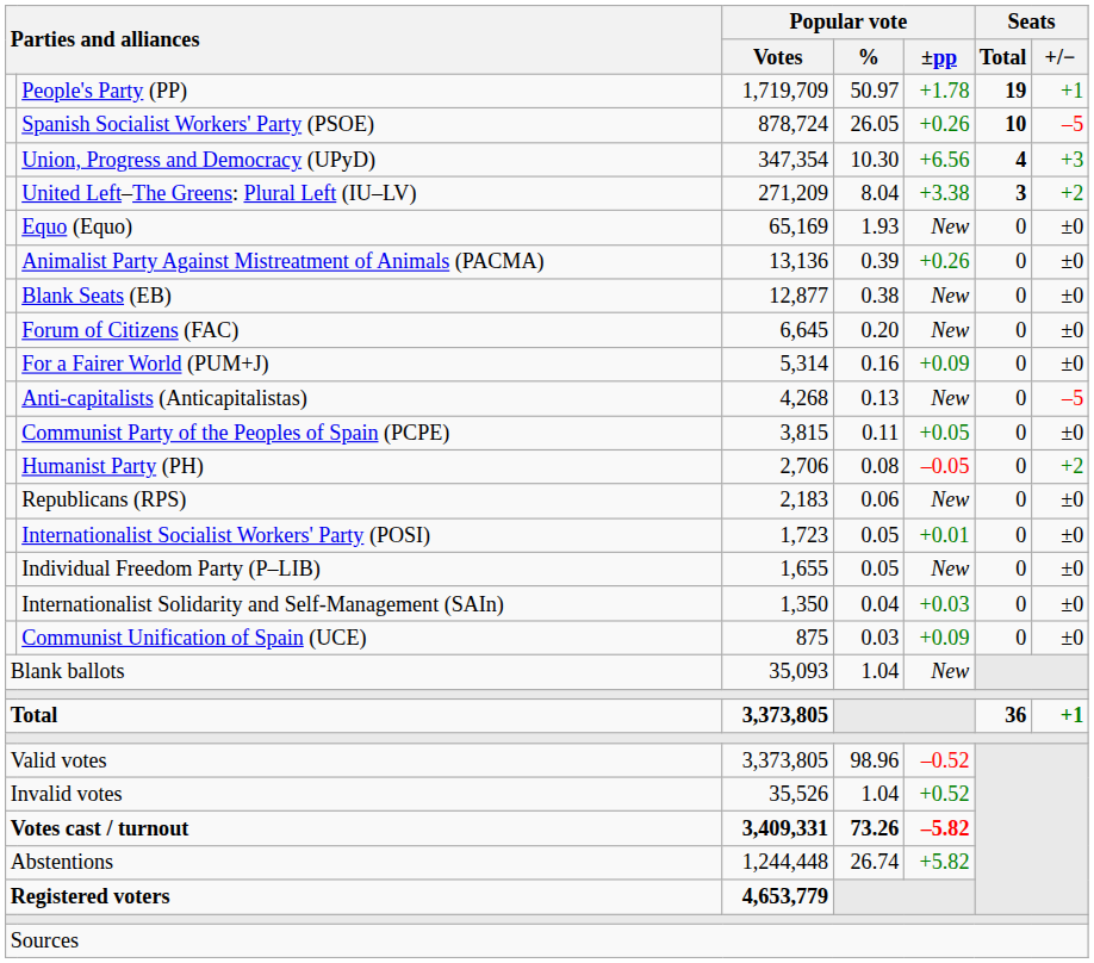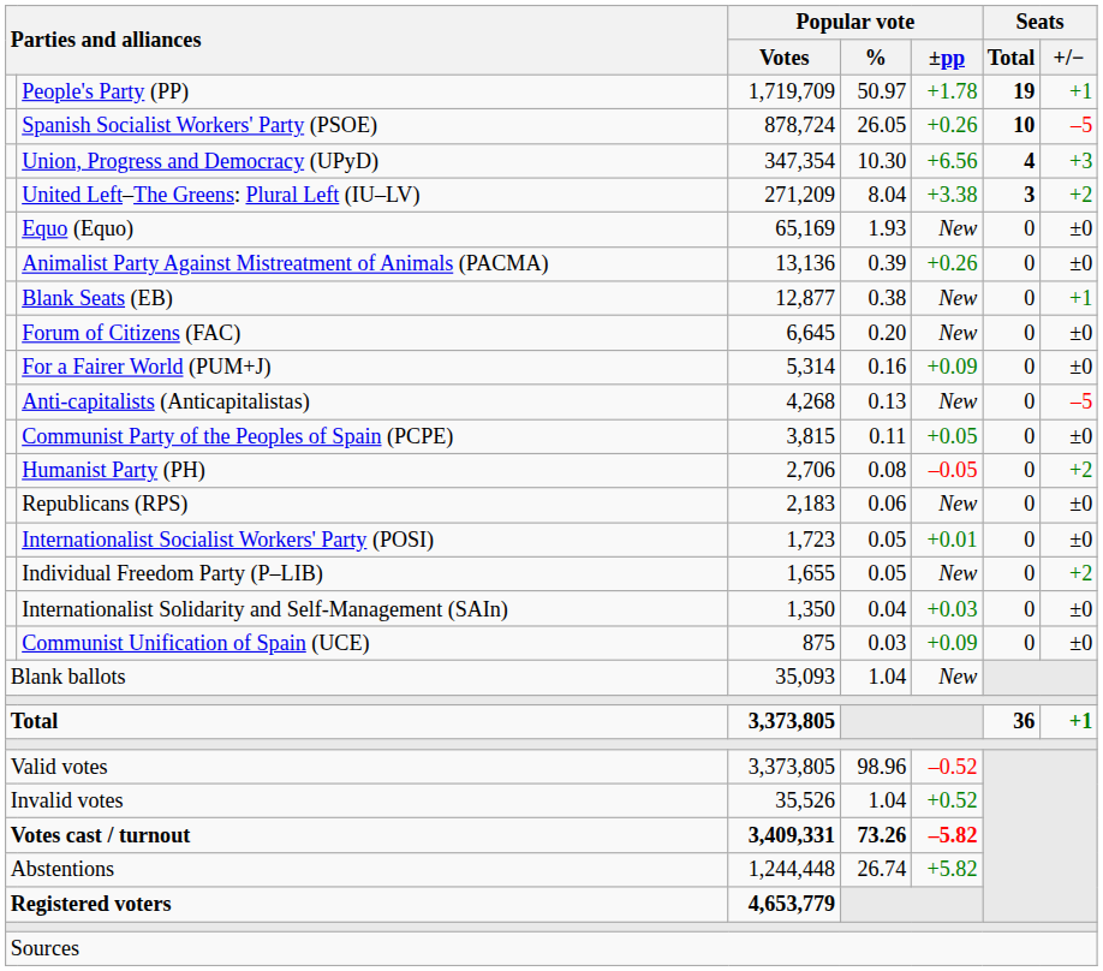 <table class="wikitable" style="text-align:right;">
 <tr>
 <th style="text-align:left;" rowspan="2" colspan="2" width="525">Parties and alliances</th>
 <th colspan="3">Popular vote</th>
 <th colspan="2">Seats</th>
 </tr>
 <tr>
 <th width="75">Votes</th>
 <th width="45">%</th>
 <th width="45">±<a href='#'>pp</a></th>
 <th width="35">Total</th>
 <th width="35">+/−</th>
 </tr>
 <tr>
 <td width="1" style="color:inherit;background:"></td>
 <td align="left"><a href='#'>People's Party</a> (PP)</td>
 <td>1,719,709</td>
 <td>50.97</td>
 <td style="color:green;">+1.78</td>
 <td><strong>19</strong></td>
 <td style="color:green;">+1</td>
 </tr>
 <tr>
 <td style="color:inherit;background:"></td>
 <td align="left"><a href='#'>Spanish Socialist Workers' Party</a> (PSOE)</td>
 <td>878,724</td>
 <td>26.05</td>
 <td style="color:green;">+0.26</td>
 <td><strong>10</strong></td>
 <td style="color:red;">–5</td>
 </tr>
 <tr>
 <td style="color:inherit;background:"></td>
 <td align="left"><a href='#'>Union, Progress and Democracy</a> (UPyD)</td>
 <td>347,354</td>
 <td>10.30</td>
 <td style="color:green;">+6.56</td>
 <td><strong>4</strong></td>
 <td style="color:green;">+3</td>
 </tr>
 <tr>
 <td style="color:inherit;background:"></td>
 <td align="left"><a href='#'>United Left</a>–<a href='#'>The Greens</a>: <a href='#'>Plural Left</a> (IU–LV)</td>
 <td>271,209</td>
 <td>8.04</td>
 <td style="color:green;">+3.38</td>
 <td><strong>3</strong></td>
 <td style="color:green;">+2</td>
 </tr>
 <tr>
 <td style="color:inherit;background:"></td>
 <td align="left"><a href='#'>Equo</a> (Equo)</td>
 <td>65,169</td>
 <td>1.93</td>
 <td><em>New</em></td>
 <td>0</td>
 <td>±0</td>
 </tr>
 <tr>
 <td style="color:inherit;background:"></td>
 <td align="left"><a href='#'>Animalist Party Against Mistreatment of Animals</a> (PACMA)</td>
 <td>13,136</td>
 <td>0.39</td>
 <td style="color:green;">+0.26</td>
 <td>0</td>
 <td>±0</td>
 </tr>
 <tr>
 <td style="color:inherit;background:"></td>
 <td align="left"><a href='#'>Blank Seats</a> (EB)</td>
 <td>12,877</td>
 <td>0.38</td>
 <td><em>New</em></td>
 <td>0</td>
-<td>±0</td>
+<td style="color:green;">+1</td>
 </tr>
 <tr>
 <td style="color:inherit;background:"></td>
 <td align="left"><a href='#'>Forum of Citizens</a> (FAC)</td>
 <td>6,645</td>
 <td>0.20</td>
 <td><em>New</em></td>
 <td>0</td>
 <td>±0</td>
 </tr>
 <tr>
 <td style="color:inherit;background:"></td>
 <td align="left"><a href='#'>For a Fairer World</a> (PUM+J)</td>
 <td>5,314</td>
 <td>0.16</td>
 <td style="color:green;">+0.09</td>
 <td>0</td>
 <td>±0</td>
 </tr>
 <tr>
 <td style="color:inherit;background:"></td>
 <td align="left"><a href='#'>Anti-capitalists</a> (Anticapitalistas)</td>
 <td>4,268</td>
 <td>0.13</td>
 <td><em>New</em></td>
 <td>0</td>
 <td style="color:red;">–5</td>
 </tr>
 <tr>
 <td style="color:inherit;background:"></td>
 <td align="left"><a href='#'>Communist Party of the Peoples of Spain</a> (PCPE)</td>
 <td>3,815</td>
 <td>0.11</td>
 <td style="color:green;">+0.05</td>
 <td>0</td>
 <td>±0</td>
 </tr>
 <tr>
 <td style="color:inherit;background:"></td>
 <td align="left"><a href='#'>Humanist Party</a> (PH)</td>
 <td>2,706</td>
 <td>0.08</td>
 <td style="color:red;">–0.05</td>
 <td>0</td>
 <td style="color:green;">+2</td>
 </tr>
 <tr>
 <td style="color:inherit;background:"></td>
 <td align="left">Republicans (RPS)</td>
 <td>2,183</td>
 <td>0.06</td>
 <td><em>New</em></td>
 <td>0</td>
 <td>±0</td>
 </tr>
 <tr>
 <td style="color:inherit;background:"></td>
 <td align="left"><a href='#'>Internationalist Socialist Workers' Party</a> (POSI)</td>
 <td>1,723</td>
 <td>0.05</td>
 <td style="color:green;">+0.01</td>
 <td>0</td>
 <td>±0</td>
 </tr>
 <tr>
 <td style="color:inherit;background:"></td>
 <td align="left">Individual Freedom Party (P–LIB)</td>
 <td>1,655</td>
 <td>0.05</td>
 <td><em>New</em></td>
 <td>0</td>
-<td>±0</td>
+<td style="color:green;">+2</td>
 </tr>
 <tr>
 <td style="color:inherit;background:"></td>
 <td align="left">Internationalist Solidarity and Self-Management (SAIn)</td>
 <td>1,350</td>
 <td>0.04</td>
 <td style="color:green;">+0.03</td>
 <td>0</td>
 <td>±0</td>
 </tr>
 <tr>
 <td style="color:inherit;background:"></td>
 <td align="left"><a href='#'>Communist Unification of Spain</a> (UCE)</td>
 <td>875</td>
 <td>0.03</td>
 <td style="color:green;">+0.09</td>
 <td>0</td>
 <td>±0</td>
 </tr>
 <tr>
 <td align="left" colspan="2">Blank ballots</td>
 <td>35,093</td>
 <td>1.04</td>
 <td><em>New</em></td>
 <td bgcolor="#E9E9E9" colspan="2"></td>
 </tr>
 <tr>
 <td colspan="7" bgcolor="#E9E9E9"></td>
 </tr>
 <tr style="font-weight:bold;">
 <td align="left" colspan="2">Total</td>
 <td>3,373,805</td>
 <td bgcolor="#E9E9E9" colspan="2"></td>
 <td>36</td>
 <td style="color:green;">+1</td>
 </tr>
 <tr>
 <td colspan="7" bgcolor="#E9E9E9"></td>
 </tr>
 <tr>
 <td align="left" colspan="2">Valid votes</td>
 <td>3,373,805</td>
 <td>98.96</td>
 <td style="color:red;">–0.52</td>
 <td bgcolor="#E9E9E9" colspan="2" rowspan="5"></td>
 </tr>
 <tr>
 <td align="left" colspan="2">Invalid votes</td>
 <td>35,526</td>
 <td>1.04</td>
 <td style="color:green;">+0.52</td>
 </tr>
 <tr style="font-weight:bold;">
 <td align="left" colspan="2">Votes cast / turnout</td>
 <td>3,409,331</td>
 <td>73.26</td>
 <td style="color:red;">–5.82</td>
 </tr>
 <tr>
 <td align="left" colspan="2">Abstentions</td>
 <td>1,244,448</td>
 <td>26.74</td>
 <td style="color:green;">+5.82</td>
 </tr>
 <tr style="font-weight:bold;">
 <td align="left" colspan="2">Registered voters</td>
 <td>4,653,779</td>
 <td bgcolor="#E9E9E9" colspan="2"></td>
 </tr>
 <tr>
 <td colspan="7" bgcolor="#E9E9E9"></td>
 </tr>
 <tr>
 <td align="left" colspan="7">Sources</td>
 </tr>
 </table>
